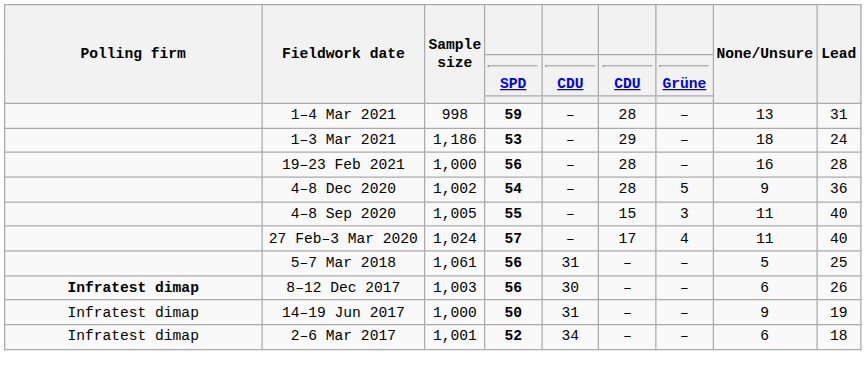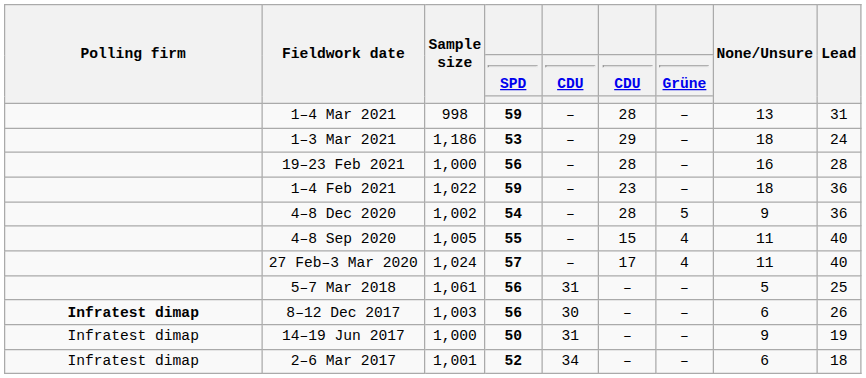 <table class="wikitable sortable" style="text-align:center;font-size:90%;line-height:14px;">
 <tr style="height:40px;">
 <th style="width:200px;" rowspan="3">Polling firm</th>
 <th style="width:125px;" rowspan="3">Fieldwork date</th>
 <th style="width:35px;" rowspan="3">Sample<br>size</th>
 <th class="unsortable" style="width:40px;"></th>
 <th class="unsortable" style="width:40px;"></th>
 <th class="unsortable" style="width:40px;"></th>
 <th class="unsortable" style="width:40px;"></th>
 <th class="unsortable" style="width:40px;" rowspan="3">None/Unsure</th>
 <th style="width:30px;" rowspan="3">Lead</th>
 </tr>
 <tr>
 <th class="unsortable" style="width:40px;"><hr><a href='#'>SPD</a></th>
 <th class="unsortable" style="width:40px;"><hr><a href='#'>CDU</a></th>
 <th class="unsortable" style="width:40px;"><hr><a href='#'>CDU</a></th>
 <th class="unsortable" style="width:40px;"><hr><a href='#'>Grüne</a></th>
 </tr>
 <tr>
 <th style="background:"></th>
 <th style="background:"></th>
 <th style="background:"></th>
 <th style="background:"></th>
 </tr>
 <tr>
 <td></td>
 <td data-sort-value="2021-03-05">1–4 Mar 2021</td>
 <td>998</td>
 <td><strong>59</strong></td>
 <td>–</td>
 <td>28</td>
 <td>–</td>
 <td>13</td>
 <td style="background:">31</td>
 </tr>
 <tr>
 <td> </td>
 <td data-sort-value="2021-03-04">1–3 Mar 2021</td>
 <td>1,186</td>
 <td><strong>53</strong></td>
 <td>–</td>
 <td>29</td>
 <td>–</td>
 <td>18</td>
 <td style="background:">24</td>
 </tr>
 <tr>
 <td> </td>
 <td data-sort-value="2021-02-25">19–23 Feb 2021</td>
 <td>1,000</td>
 <td><strong>56</strong></td>
 <td>–</td>
 <td>28</td>
 <td>–</td>
 <td>16</td>
 <td style="background:">28</td>
 </tr>
 <tr>
+<td></td>
+<td data-sort-value="2021-02-05">1–4 Feb 2021</td>
+<td>1,022</td>
+<td><strong>59</strong></td>
+<td>–</td>
+<td>23</td>
+<td>–</td>
+<td>18</td>
+<td style="background:">36</td>
+</tr>
+<tr>
 <td> </td>
 <td data-sort-value="2020-12-10">4–8 Dec 2020</td>
 <td>1,002</td>
 <td><strong>54</strong></td>
 <td>–</td>
 <td>28</td>
 <td>5</td>
 <td>9</td>
 <td style="background:">36</td>
 </tr>
 <tr>
 <td> </td>
 <td data-sort-value="2020-09-10">4–8 Sep 2020</td>
 <td>1,005</td>
 <td><strong>55</strong></td>
 <td>–</td>
 <td>15</td>
-<td>3</td>
+<td>4</td>
 <td>11</td>
 <td style="background:">40</td>
 </tr>
 <tr>
 <td> </td>
 <td data-sort-value="2020-03-05">27 Feb–3 Mar 2020</td>
 <td>1,024</td>
 <td><strong>57</strong></td>
 <td>–</td>
 <td>17</td>
 <td>4</td>
 <td>11</td>
 <td style="background:">40</td>
 </tr>
 <tr>
 <td>  </td>
 <td data-sort-value="2018-03-08">5–7 Mar 2018</td>
 <td>1,061</td>
 <td><strong>56</strong></td>
 <td>31</td>
 <td>–</td>
 <td>–</td>
 <td>5</td>
 <td style="background:">25</td>
 </tr>
 <tr>
 <td><strong>Infratest dimap</strong></td>
 <td data-sort-value="2017-12-14">8–12 Dec 2017</td>
 <td>1,003</td>
 <td><strong>56</strong></td>
 <td>30</td>
 <td>–</td>
 <td>–</td>
 <td>6</td>
 <td style="background:">26</td>
 </tr>
 <tr>
 <td>Infratest dimap</td>
 <td data-sort-value="2017-06-22">14–19 Jun 2017</td>
 <td>1,000</td>
 <td><strong>50</strong></td>
 <td>31</td>
 <td>–</td>
 <td>–</td>
 <td>9</td>
 <td style="background:">19</td>
 </tr>
 <tr>
 <td>Infratest dimap</td>
 <td data-sort-value="2017-03-09">2–6 Mar 2017</td>
 <td>1,001</td>
 <td><strong>52</strong></td>
 <td>34</td>
 <td>–</td>
 <td>–</td>
 <td>6</td>
 <td style="background:">18</td>
 </tr>
 </table>
